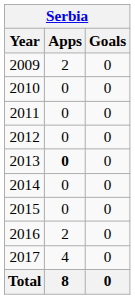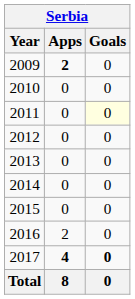 <table class="wikitable" style="text-align:center">
 <tr>
 <th colspan=3><a href='#'>Serbia</a></th>
 </tr>
 <tr>
 <th>Year</th>
 <th>Apps</th>
 <th>Goals</th>
 </tr>
 <tr>
 <td>2009</td>
-<td>2</td>
+<td><strong>2</strong></td>
 <td>0</td>
 </tr>
 <tr>
 <td>2010</td>
 <td>0</td>
 <td>0</td>
 </tr>
 <tr>
 <td>2011</td>
 <td>0</td>
-<td>0</td>
+<td style="background: lightyellow;">0</td>
 </tr>
 <tr>
 <td>2012</td>
 <td>0</td>
 <td>0</td>
 </tr>
 <tr>
 <td>2013</td>
-<td><strong>0</strong></td>
+<td>0</td>
 <td>0</td>
 </tr>
 <tr>
 <td>2014</td>
 <td>0</td>
 <td>0</td>
 </tr>
 <tr>
 <td>2015</td>
 <td>0</td>
 <td>0</td>
 </tr>
 <tr>
 <td>2016</td>
 <td>2</td>
 <td>0</td>
 </tr>
 <tr>
 <td>2017</td>
-<td>4</td>
-<td>0</td>
+<td><strong>4</strong></td>
+<td><strong>0</strong></td>
 </tr>
 <tr>
 <th>Total</th>
 <th>8</th>
 <th>0</th>
 </tr>
 </table>
